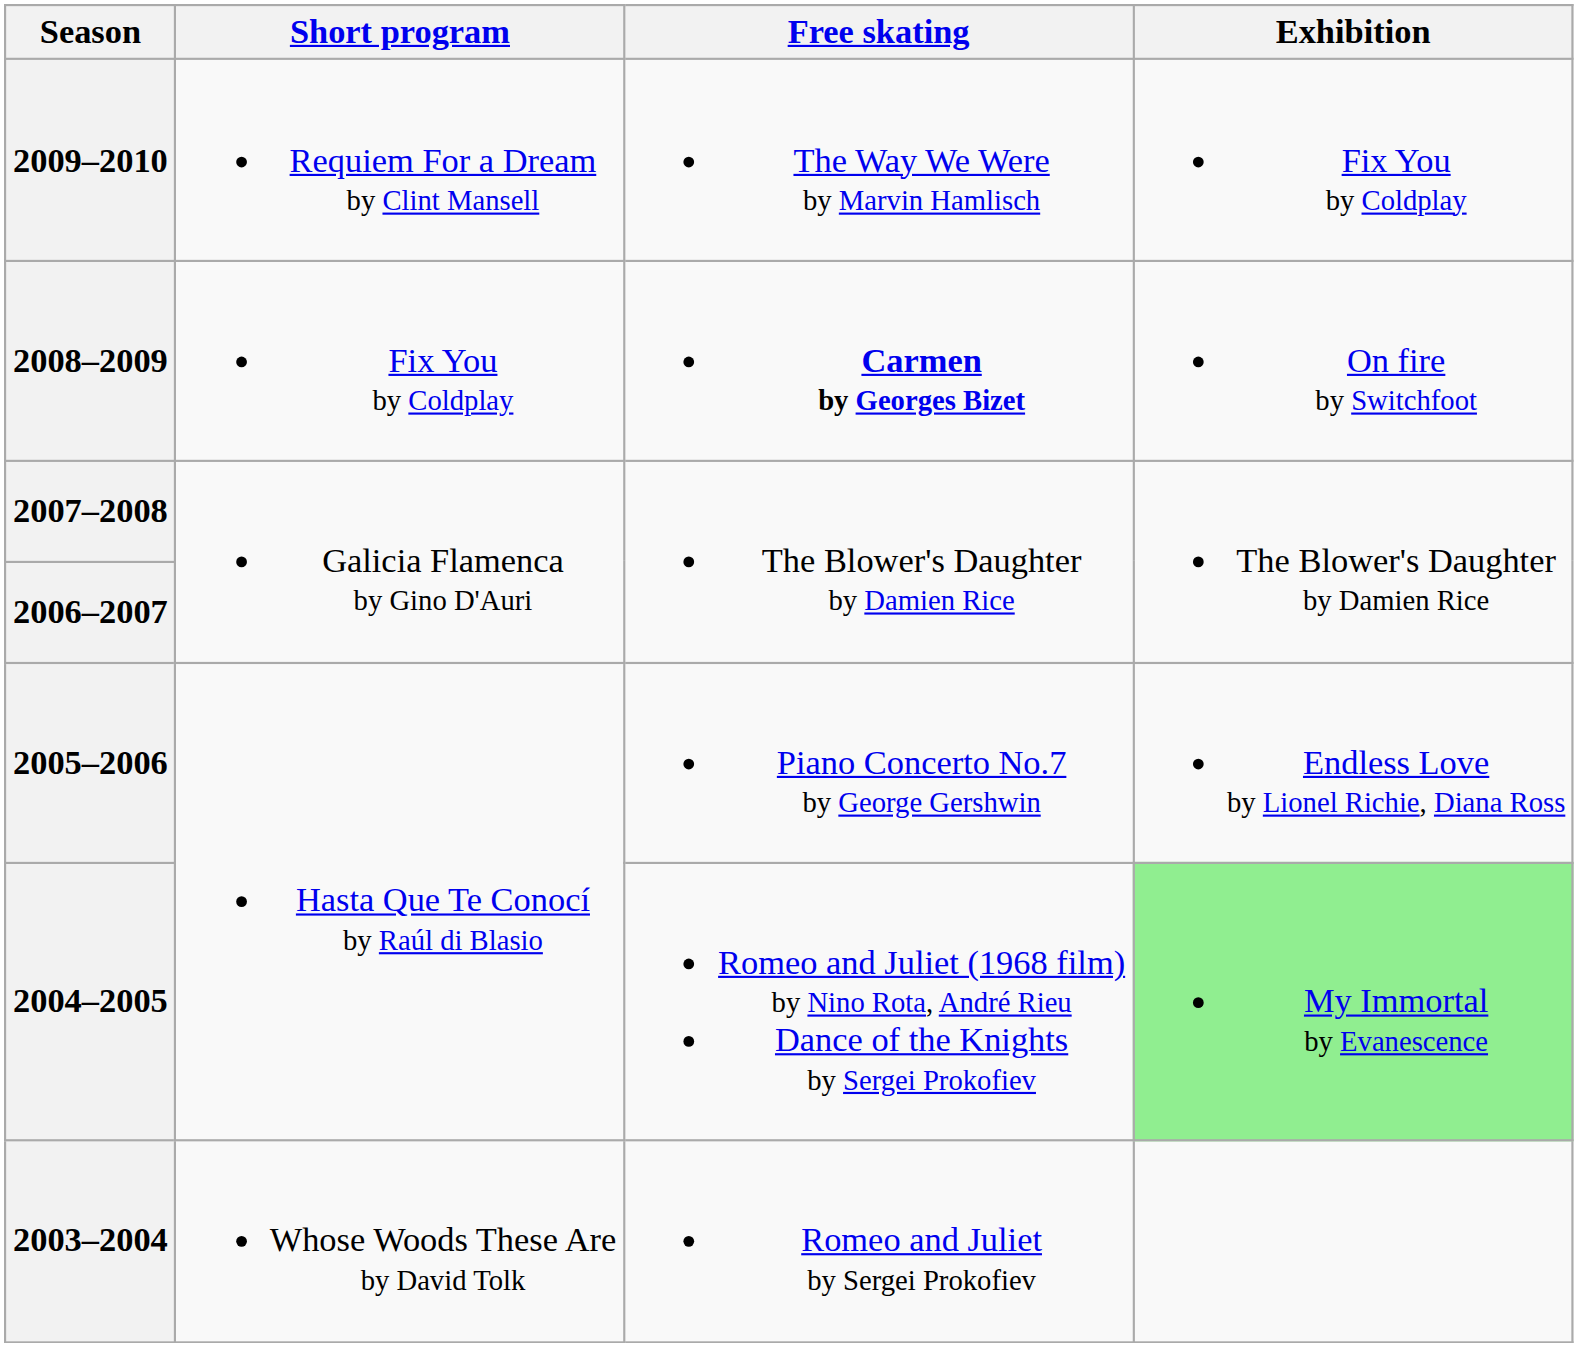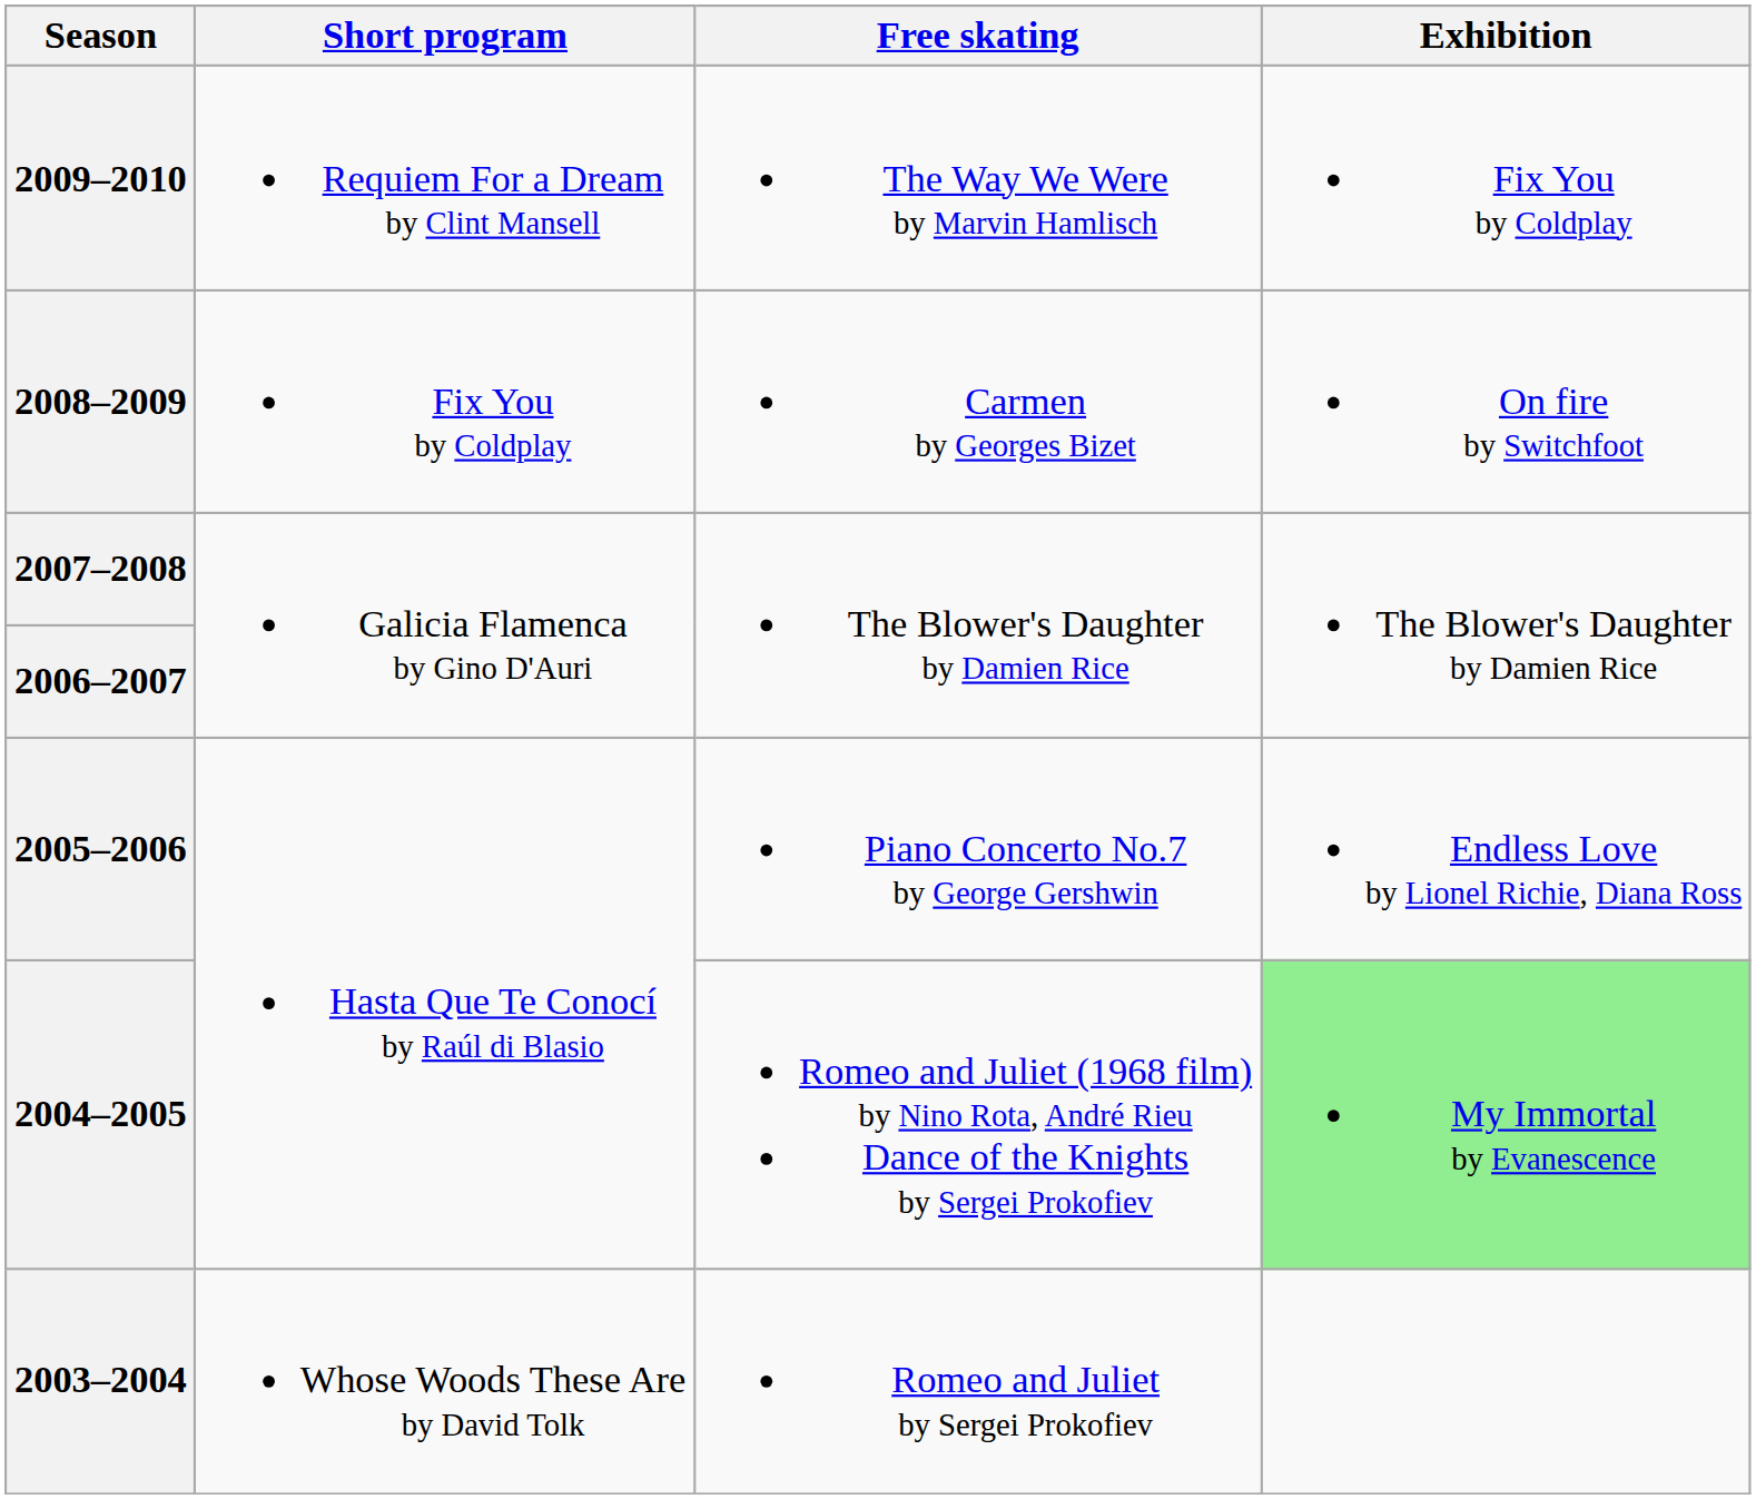 <table class="wikitable" style="text-align:center">
 <tr>
 <th>Season</th>
 <th><a href='#'>Short program</a></th>
 <th><a href='#'>Free skating</a></th>
 <th>Exhibition</th>
 </tr>
 <tr>
 <th>2009–2010 <br> </th>
 <td><br><ul><li><a href='#'>Requiem For a Dream</a> <br><small> by <a href='#'>Clint Mansell</a> </small></li></ul></td>
 <td><br><ul><li><a href='#'>The Way We Were</a> <br><small> by <a href='#'>Marvin Hamlisch</a> </small></li></ul></td>
 <td><br><ul><li><a href='#'>Fix You</a> <br><small> by <a href='#'>Coldplay</a> </small></li></ul></td>
 </tr>
 <tr>
 <th>2008–2009 <br> </th>
 <td><br><ul><li><a href='#'>Fix You</a> <br><small> by <a href='#'>Coldplay</a> </small></li></ul></td>
-<td><strong><br><ul><li><a href='#'>Carmen</a> <br><small> by <a href='#'>Georges Bizet</a> </small></li></ul></strong></td>
+<td><br><ul><li><a href='#'>Carmen</a> <br><small> by <a href='#'>Georges Bizet</a> </small></li></ul></td>
 <td><br><ul><li><a href='#'>On fire</a> <br><small> by <a href='#'>Switchfoot</a> </small></li></ul></td>
 </tr>
 <tr>
 <th>2007–2008 <br> </th>
 <td rowspan=2><br><ul><li>Galicia Flamenca <br><small> by Gino D'Auri </small></li></ul></td>
 <td rowspan=2><br><ul><li>The Blower's Daughter <br><small> by <a href='#'>Damien Rice</a> </small></li></ul></td>
 <td rowspan=2><br><ul><li>The Blower's Daughter <br><small> by Damien Rice </small></li></ul></td>
 </tr>
 <tr>
 <th>2006–2007 <br> </th>
 </tr>
 <tr>
 <th>2005–2006 <br> </th>
 <td rowspan=2><br><ul><li><a href='#'>Hasta Que Te Conocí</a> <br><small> by <a href='#'>Raúl di Blasio</a> </small></li></ul></td>
 <td><br><ul><li><a href='#'>Piano Concerto No.7</a> <br><small> by <a href='#'>George Gershwin</a> </small></li></ul></td>
 <td><br><ul><li><a href='#'>Endless Love</a> <br><small> by <a href='#'>Lionel Richie</a>, <a href='#'>Diana Ross</a></small></li></ul></td>
 </tr>
 <tr>
 <th>2004–2005 <br> </th>
 <td><br><ul><li><a href='#'>Romeo and Juliet (1968 film)</a> <br><small> by <a href='#'>Nino Rota</a>, <a href='#'>André Rieu</a> </small></li><li><a href='#'>Dance of the Knights</a> <br><small> by <a href='#'>Sergei Prokofiev</a> </small></li></ul></td>
 <td style="background: lightgreen;"><br><ul><li><a href='#'>My Immortal</a> <br><small> by <a href='#'>Evanescence</a> </small></li></ul></td>
 </tr>
 <tr>
 <th>2003–2004 <br> </th>
 <td><br><ul><li>Whose Woods These Are <br><small> by David Tolk </small></li></ul></td>
 <td><br><ul><li><a href='#'>Romeo and Juliet</a> <br><small> by Sergei Prokofiev </small></li></ul></td>
 <td></td>
 </tr>
 </table>
